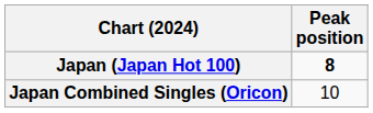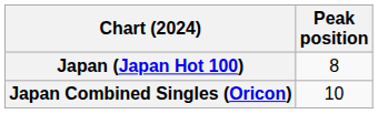 <table class="wikitable sortable plainrowheaders" style="text-align:center">
 <tr>
 <th scope="col">Chart (2024)</th>
 <th scope="col">Peak<br>position</th>
 </tr>
 <tr>
 <th scope="row">Japan (<a href='#'>Japan Hot 100</a>)</th>
-<td><strong>8</strong></td>
+<td>8</td>
 </tr>
 <tr>
 <th scope="row">Japan Combined Singles (<a href='#'>Oricon</a>)</th>
 <td>10</td>
 </tr>
 </table>
